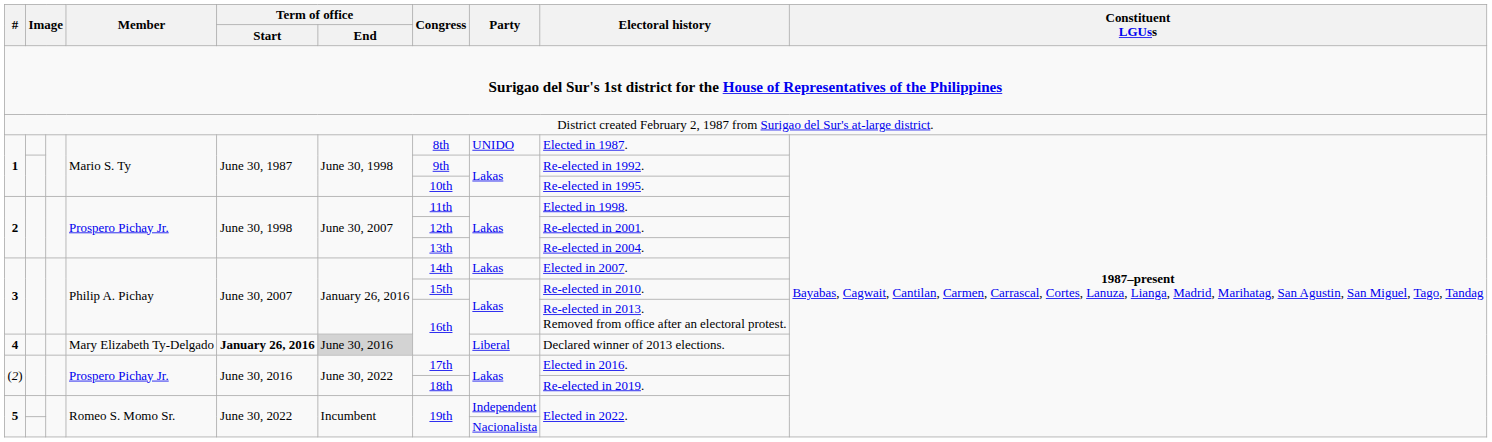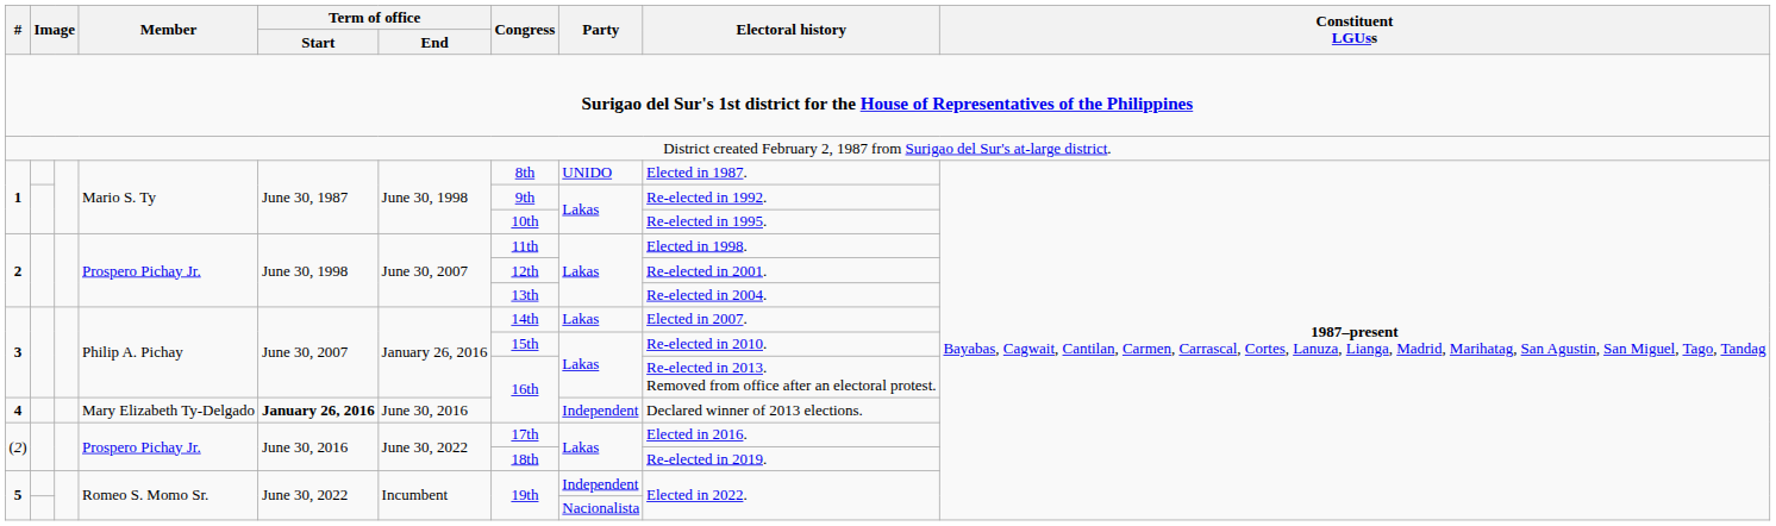 <table class=wikitable>
 <tr>
 <th rowspan="2">#</th>
 <th rowspan="2" colspan=2>Image</th>
 <th rowspan="2">Member</th>
 <th colspan=2>Term of office</th>
 <th rowspan="2">Congress</th>
 <th rowspan="2">Party</th>
 <th rowspan="2">Electoral history</th>
 <th rowspan="2">Constituent<br><a href='#'>LGUs</a>s</th>
 </tr>
 <tr>
 <th>Start</th>
 <th>End</th>
 </tr>
 <tr>
 <td colspan="10" style="text-align:center;"><br><h3>Surigao del Sur's 1st district for the <a href='#'>House of Representatives of the Philippines</a></h3></td>
 </tr>
 <tr>
 <td colspan="10" style="text-align:center;">District created February 2, 1987 from <a href='#'>Surigao del Sur's at-large district</a>.</td>
 </tr>
 <tr>
 <td rowspan="3" style="text-align:center;"><strong>1</strong></td>
 <td style="color:inherit;background:"></td>
 <td rowspan="3"></td>
 <td rowspan="3">Mario S. Ty</td>
 <td rowspan="3">June 30, 1987</td>
 <td rowspan="3">June 30, 1998</td>
 <td style="text-align:center;"><a href='#'>8th</a></td>
 <td><a href='#'>UNIDO</a></td>
 <td><a href='#'>Elected in 1987</a>.</td>
 <td rowspan="14" style="text-align:center;"><strong>1987–present</strong><br><a href='#'>Bayabas</a>, <a href='#'>Cagwait</a>, <a href='#'>Cantilan</a>, <a href='#'>Carmen</a>, <a href='#'>Carrascal</a>, <a href='#'>Cortes</a>, <a href='#'>Lanuza</a>, <a href='#'>Lianga</a>, <a href='#'>Madrid</a>, <a href='#'>Marihatag</a>, <a href='#'>San Agustin</a>, <a href='#'>San Miguel</a>, <a href='#'>Tago</a>, <a href='#'>Tandag</a></td>
 </tr>
 <tr>
 <td rowspan="2" style="color:inherit;background:"></td>
 <td style="text-align:center;"><a href='#'>9th</a></td>
 <td rowspan="2"><a href='#'>Lakas</a></td>
 <td><a href='#'>Re-elected in 1992</a>.</td>
 </tr>
 <tr>
 <td style="text-align:center;"><a href='#'>10th</a></td>
 <td><a href='#'>Re-elected in 1995</a>.</td>
 </tr>
 <tr>
 <td rowspan="3" style="text-align:center;"><strong>2</strong></td>
 <td rowspan="3" style="color:inherit;background:"></td>
 <td rowspan="3"></td>
 <td rowspan="3"><a href='#'>Prospero Pichay Jr.</a></td>
 <td rowspan="3">June 30, 1998</td>
 <td rowspan="3">June 30, 2007</td>
 <td style="text-align:center;"><a href='#'>11th</a></td>
 <td rowspan="3"><a href='#'>Lakas</a></td>
 <td><a href='#'>Elected in 1998</a>.</td>
 </tr>
 <tr>
 <td style="text-align:center;"><a href='#'>12th</a></td>
 <td><a href='#'>Re-elected in 2001</a>.</td>
 </tr>
 <tr>
 <td style="text-align:center;"><a href='#'>13th</a></td>
 <td><a href='#'>Re-elected in 2004</a>.</td>
 </tr>
 <tr>
 <td rowspan="3" style="text-align:center;"><strong>3</strong></td>
 <td rowspan="3" style="color:inherit;background:"></td>
 <td rowspan="3"></td>
 <td rowspan="3">Philip A. Pichay</td>
 <td rowspan="3">June 30, 2007</td>
 <td rowspan="3">January 26, 2016</td>
 <td style="text-align:center;"><a href='#'>14th</a></td>
 <td><a href='#'>Lakas</a></td>
 <td><a href='#'>Elected in 2007</a>.</td>
 </tr>
 <tr>
 <td style="text-align:center;"><a href='#'>15th</a></td>
 <td rowspan="2"><a href='#'>Lakas</a></td>
 <td><a href='#'>Re-elected in 2010</a>.</td>
 </tr>
 <tr>
 <td rowspan="2" style="text-align:center;"><a href='#'>16th</a></td>
 <td><a href='#'>Re-elected in 2013</a>.<br>Removed from office after an electoral protest.</td>
 </tr>
 <tr>
 <td style="text-align:center;"><strong>4</strong></td>
 <td style="color:inherit;background:"></td>
 <td></td>
 <td>Mary Elizabeth Ty-Delgado</td>
 <td><strong>January 26, 2016</strong></td>
-<td style="background: lightgrey;">June 30, 2016</td>
-<td><a href='#'>Liberal</a></td>
+<td>June 30, 2016</td>
+<td><a href='#'>Independent</a></td>
 <td>Declared winner of 2013 elections.</td>
 </tr>
 <tr>
 <td rowspan="2" style="text-align:center;">(<em>2</em>)</td>
 <td rowspan="2" style="color:inherit;background:"></td>
 <td rowspan="2"></td>
 <td rowspan="2"><a href='#'>Prospero Pichay Jr.</a></td>
 <td rowspan="2">June 30, 2016</td>
 <td rowspan="2">June 30, 2022</td>
 <td style="text-align:center;"><a href='#'>17th</a></td>
 <td rowspan="2"><a href='#'>Lakas</a></td>
 <td><a href='#'>Elected in 2016</a>.</td>
 </tr>
 <tr>
 <td style="text-align:center;"><a href='#'>18th</a></td>
 <td><a href='#'>Re-elected in 2019</a>.</td>
 </tr>
 <tr>
 <td style="text-align:center;" rowspan="2"><strong>5</strong></td>
 <td style="color:inherit;background:"></td>
 <td rowspan="2"></td>
 <td rowspan="2">Romeo S. Momo Sr.</td>
 <td rowspan="2">June 30, 2022</td>
 <td rowspan="2">Incumbent</td>
 <td style="text-align:center;" rowspan="2"><a href='#'>19th</a></td>
 <td><a href='#'>Independent</a></td>
 <td rowspan="2"><a href='#'>Elected in 2022</a>.</td>
 </tr>
 <tr>
 <td style="color:inherit;background:"></td>
 <td><a href='#'>Nacionalista</a></td>
 </tr>
 </table>
